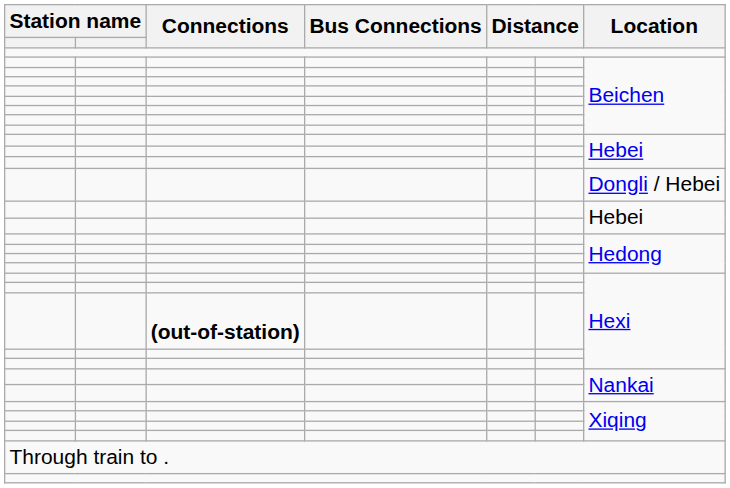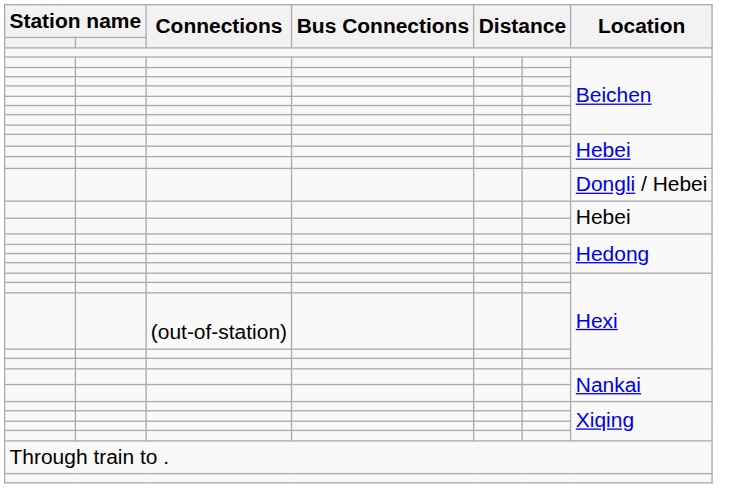 <table class="wikitable">
 <tr>
 <th colspan="2">Station name</th>
 <th rowspan="2">Connections</th>
 <th rowspan="2">Bus Connections</th>
 <th colspan="2" rowspan="2">Distance<br></th>
 <th rowspan="2">Location</th>
 </tr>
 <tr>
 <th></th>
 <th></th>
 </tr>
 <tr style="background:#">
 <td colspan = "7"></td>
 </tr>
 <tr>
 <td></td>
 <td></td>
 <td></td>
 <td></td>
 <td></td>
 <td></td>
 <td rowspan="8"><a href='#'>Beichen</a></td>
 </tr>
 <tr>
 <td></td>
 <td></td>
 <td></td>
 <td></td>
 <td></td>
 <td></td>
 </tr>
 <tr>
 <td></td>
 <td></td>
 <td></td>
 <td></td>
 <td></td>
 <td></td>
 </tr>
 <tr>
 <td></td>
 <td></td>
 <td></td>
 <td></td>
 <td></td>
 <td></td>
 </tr>
 <tr>
 <td></td>
 <td></td>
 <td></td>
 <td></td>
 <td></td>
 <td></td>
 </tr>
 <tr>
 <td></td>
 <td></td>
 <td></td>
 <td></td>
 <td></td>
 <td></td>
 </tr>
 <tr>
 <td></td>
 <td></td>
 <td></td>
 <td></td>
 <td></td>
 <td></td>
 </tr>
 <tr>
 <td></td>
 <td></td>
 <td></td>
 <td></td>
 <td></td>
 <td></td>
 </tr>
 <tr>
 <td></td>
 <td></td>
 <td></td>
 <td></td>
 <td></td>
 <td></td>
 <td rowspan="3"><a href='#'>Hebei</a></td>
 </tr>
 <tr>
 <td></td>
 <td></td>
 <td></td>
 <td></td>
 <td></td>
 <td></td>
 </tr>
 <tr>
 <td></td>
 <td></td>
 <td></td>
 <td></td>
 <td></td>
 <td></td>
 </tr>
 <tr>
 <td></td>
 <td></td>
 <td></td>
 <td></td>
 <td></td>
 <td></td>
 <td><a href='#'>Dongli</a> / Hebei</td>
 </tr>
 <tr>
 <td></td>
 <td></td>
 <td></td>
 <td></td>
 <td></td>
 <td></td>
 <td rowspan="2">Hebei</td>
 </tr>
 <tr>
 <td></td>
 <td></td>
 <td></td>
 <td></td>
 <td></td>
 <td></td>
 </tr>
 <tr>
 <td></td>
 <td></td>
 <td></td>
 <td></td>
 <td></td>
 <td></td>
 <td rowspan="4"><a href='#'>Hedong</a></td>
 </tr>
 <tr>
 <td></td>
 <td></td>
 <td></td>
 <td></td>
 <td></td>
 <td></td>
 </tr>
 <tr>
 <td></td>
 <td></td>
 <td></td>
 <td></td>
 <td></td>
 <td></td>
 </tr>
 <tr>
 <td></td>
 <td></td>
 <td></td>
 <td></td>
 <td></td>
 <td></td>
 </tr>
 <tr>
 <td></td>
 <td></td>
 <td></td>
 <td></td>
 <td></td>
 <td></td>
 <td rowspan="5"><a href='#'>Hexi</a></td>
 </tr>
 <tr>
 <td></td>
 <td></td>
 <td></td>
 <td></td>
 <td></td>
 <td></td>
 </tr>
 <tr>
 <td></td>
 <td></td>
-<td><strong><br> (out-of-station)</strong></td>
+<td><br> (out-of-station)</td>
 <td></td>
 <td></td>
 <td></td>
 </tr>
 <tr>
 <td></td>
 <td></td>
 <td></td>
 <td></td>
 <td></td>
 <td></td>
 </tr>
 <tr>
 <td></td>
 <td></td>
 <td></td>
 <td></td>
 <td></td>
 <td></td>
 </tr>
 <tr>
 <td></td>
 <td></td>
 <td></td>
 <td></td>
 <td></td>
 <td></td>
 <td rowspan="2"><a href='#'>Nankai</a></td>
 </tr>
 <tr>
 <td></td>
 <td></td>
 <td></td>
 <td></td>
 <td></td>
 <td></td>
 </tr>
 <tr>
 <td></td>
 <td></td>
 <td></td>
 <td></td>
 <td></td>
 <td></td>
 <td rowspan="4"><a href='#'>Xiqing</a></td>
 </tr>
 <tr>
 <td></td>
 <td></td>
 <td></td>
 <td></td>
 <td></td>
 <td></td>
 </tr>
 <tr>
 <td></td>
 <td></td>
 <td></td>
 <td></td>
 <td></td>
 <td></td>
 </tr>
 <tr>
 <td></td>
 <td></td>
 <td></td>
 <td></td>
 <td></td>
 <td></td>
 </tr>
 <tr>
 <td colspan="7">Through train to .</td>
 </tr>
 <tr style="background:#">
 <td colspan = "7"></td>
 </tr>
 </table>
